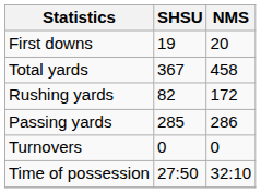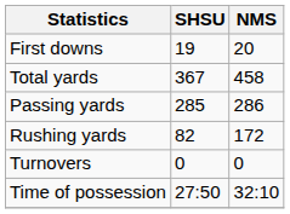 <table class="wikitable" style="float: left;">
 <tr>
 <th>Statistics</th>
 <th>SHSU</th>
 <th>NMS</th>
 </tr>
 <tr>
 <td>First downs</td>
 <td>19</td>
 <td>20</td>
 </tr>
 <tr>
 <td>Total yards</td>
 <td>367</td>
 <td>458</td>
 </tr>
 <tr>
+<td>Passing yards</td>
+<td>285</td>
+<td>286</td>
+</tr>
+<tr>
 <td>Rushing yards</td>
 <td>82</td>
 <td>172</td>
-</tr>
-<tr>
-<td>Passing yards</td>
-<td>285</td>
-<td>286</td>
 </tr>
 <tr>
 <td>Turnovers</td>
 <td>0</td>
 <td>0</td>
 </tr>
 <tr>
 <td>Time of possession</td>
 <td>27:50</td>
 <td>32:10</td>
 </tr>
 <tr>
 </tr>
 </table>
